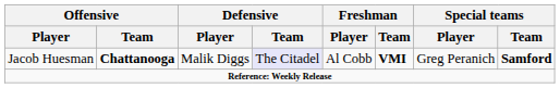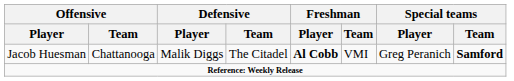 <table class="wikitable" border="1">
 <tr>
 <th colspan="2">Offensive</th>
 <th colspan="2">Defensive</th>
 <th colspan="2">Freshman</th>
 <th colspan="2">Special teams</th>
 </tr>
 <tr>
 <th>Player</th>
 <th>Team</th>
 <th>Player</th>
 <th>Team</th>
 <th>Player</th>
 <th>Team</th>
 <th>Player</th>
 <th>Team</th>
 </tr>
 <tr>
 <td>Jacob Huesman</td>
-<td><strong>Chattanooga</strong></td>
+<td>Chattanooga</td>
 <td>Malik Diggs</td>
-<td style="background: lavender;">The Citadel</td>
-<td>Al Cobb</td>
-<td><strong>VMI</strong></td>
+<td>The Citadel</td>
+<td><strong>Al Cobb</strong></td>
+<td>VMI</td>
 <td>Greg Peranich</td>
 <td><strong>Samford</strong></td>
 </tr>
 <tr>
 <td colspan="8" style="font-size: 8pt" align="center"><strong>Reference: Weekly Release</strong></td>
 </tr>
 </table>
